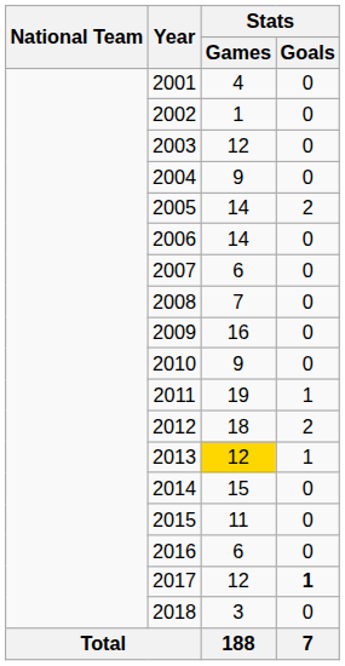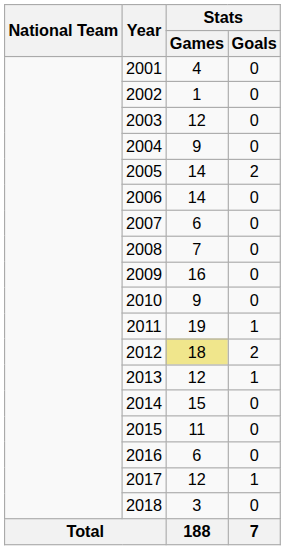 <table class="wikitable" style="font-size:90%; text-align: center">
 <tr>
 <th rowspan=2>National Team</th>
 <th rowspan=2>Year</th>
 <th colspan=2>Stats</th>
 </tr>
 <tr>
 <th>Games</th>
 <th>Goals</th>
 </tr>
 <tr>
 <td rowspan=18></td>
 <td>2001</td>
 <td>4</td>
 <td>0</td>
 </tr>
 <tr>
 <td>2002</td>
 <td>1</td>
 <td>0</td>
 </tr>
 <tr>
 <td>2003</td>
 <td>12</td>
 <td>0</td>
 </tr>
 <tr>
 <td>2004</td>
 <td>9</td>
 <td>0</td>
 </tr>
 <tr>
 <td>2005</td>
 <td>14</td>
 <td>2</td>
 </tr>
 <tr>
 <td>2006</td>
 <td>14</td>
 <td>0</td>
 </tr>
 <tr>
 <td>2007</td>
 <td>6</td>
 <td>0</td>
 </tr>
 <tr>
 <td>2008</td>
 <td>7</td>
 <td>0</td>
 </tr>
 <tr>
 <td>2009</td>
 <td>16</td>
 <td>0</td>
 </tr>
 <tr>
 <td>2010</td>
 <td>9</td>
 <td>0</td>
 </tr>
 <tr>
 <td>2011</td>
 <td>19</td>
 <td>1</td>
 </tr>
 <tr>
 <td>2012</td>
-<td>18</td>
+<td style="background: khaki;">18</td>
 <td>2</td>
 </tr>
 <tr>
 <td>2013</td>
-<td style="background: gold;">12</td>
+<td>12</td>
 <td>1</td>
 </tr>
 <tr>
 <td>2014</td>
 <td>15</td>
 <td>0</td>
 </tr>
 <tr>
 <td>2015</td>
 <td>11</td>
 <td>0</td>
 </tr>
 <tr>
 <td>2016</td>
 <td>6</td>
 <td>0</td>
 </tr>
 <tr>
 <td>2017</td>
 <td>12</td>
-<td><strong>1</strong></td>
+<td>1</td>
 </tr>
 <tr>
 <td>2018</td>
 <td>3</td>
 <td>0</td>
 </tr>
 <tr>
 <th colspan=2>Total</th>
 <th>188</th>
 <th>7</th>
 </tr>
 </table>
